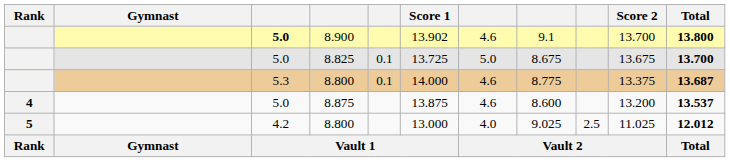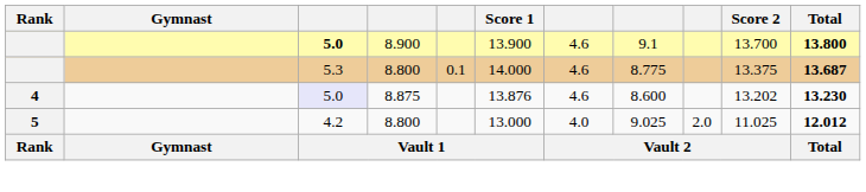 <table class="wikitable sortable" style="text-align:center; font-size:95%">
 <tr>
 <th scope="col" style="width:50px;">Rank</th>
 <th scope="col" style="width:220px;">Gymnast</th>
 <th scope="col" style="width:60px"></th>
 <th scope="col" style="width:60px;"></th>
 <th scope="col" style="width:30px;"></th>
 <th scope="col" style="width:60px;">Score 1</th>
 <th scope="col" style="width:60px"></th>
 <th scope="col" style="width:60px;"></th>
 <th scope="col" style="width:30px;"></th>
 <th scope="col" style="width:60px;">Score 2</th>
 <th scope="col" style="width:60px">Total</th>
 </tr>
 <tr style="background:#fffcaf;">
 <th scope=row style="text-align:center"></th>
 <td style="text-align:left;"></td>
 <td><strong>5.0</strong></td>
 <td>8.900</td>
 <td></td>
-<td>13.902</td>
+<td>13.900</td>
 <td>4.6</td>
 <td>9.1</td>
 <td></td>
 <td>13.700</td>
 <td><strong>13.800</strong></td>
-</tr>
-<tr style="background:#e5e5e5;">
-<th scope=row style="text-align:center"></th>
-<td style="text-align:left;"></td>
-<td>5.0</td>
-<td>8.825</td>
-<td>0.1</td>
-<td>13.725</td>
-<td>5.0</td>
-<td>8.675</td>
-<td></td>
-<td>13.675</td>
-<td><strong>13.700</strong></td>
 </tr>
 <tr style="background:#ec9;">
 <th scope=row style="text-align:center"></th>
 <td style="text-align:left;"></td>
 <td>5.3</td>
 <td>8.800</td>
 <td>0.1</td>
 <td>14.000</td>
 <td>4.6</td>
 <td>8.775</td>
 <td></td>
 <td>13.375</td>
 <td><strong>13.687</strong></td>
 </tr>
 <tr>
 <th scope=row style="text-align:center">4</th>
 <td style="text-align:left;"></td>
-<td>5.0</td>
+<td style="background: lavender;">5.0</td>
 <td>8.875</td>
 <td></td>
-<td>13.875</td>
+<td>13.876</td>
 <td>4.6</td>
 <td>8.600</td>
 <td></td>
-<td>13.200</td>
-<td><strong>13.537</strong></td>
+<td>13.202</td>
+<td><strong>13.230</strong></td>
 </tr>
 <tr>
 <th scope=row style="text-align:center">5</th>
 <td style="text-align:left;"></td>
 <td>4.2</td>
 <td>8.800</td>
 <td></td>
 <td>13.000</td>
 <td>4.0</td>
 <td>9.025</td>
-<td>2.5</td>
+<td>2.0</td>
 <td>11.025</td>
 <td><strong>12.012</strong></td>
 </tr>
 <tr class="sortbottom">
 <th scope=col>Rank</th>
 <th scope="col" style="width:210px;">Gymnast</th>
 <th scope=col colspan="4">Vault 1</th>
 <th scope=col colspan="4">Vault 2</th>
 <th scope=col>Total</th>
 </tr>
 </table>
